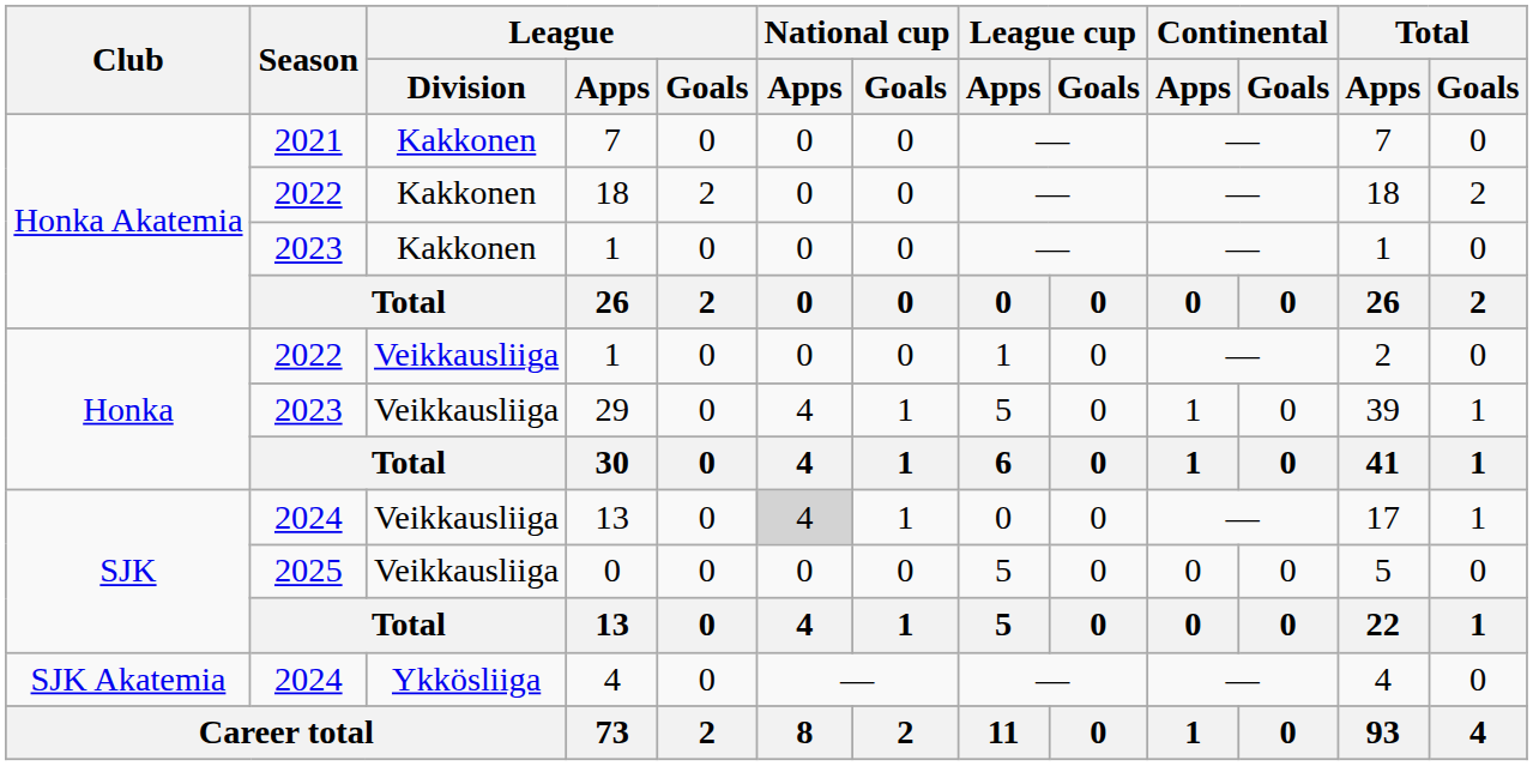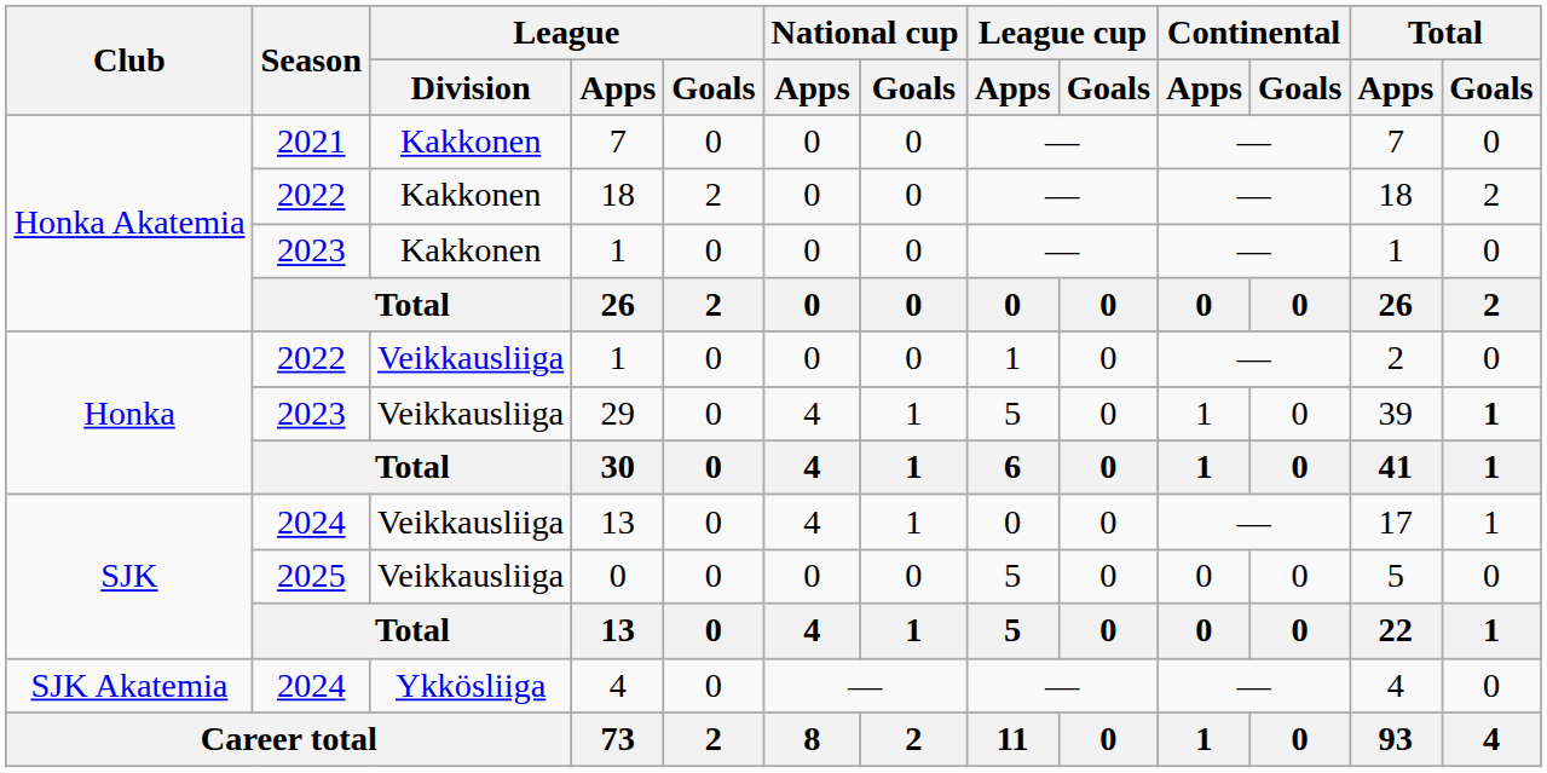 <table class="wikitable" style="text-align:center">
 <tr>
 <th rowspan="2">Club</th>
 <th rowspan="2">Season</th>
 <th colspan="3">League</th>
 <th colspan="2">National cup</th>
 <th colspan="2">League cup</th>
 <th colspan="2">Continental</th>
 <th colspan="2">Total</th>
 </tr>
 <tr>
 <th>Division</th>
 <th>Apps</th>
 <th>Goals</th>
 <th>Apps</th>
 <th>Goals</th>
 <th>Apps</th>
 <th>Goals</th>
 <th>Apps</th>
 <th>Goals</th>
 <th>Apps</th>
 <th>Goals</th>
 </tr>
 <tr>
 <td rowspan="4"><a href='#'>Honka Akatemia</a></td>
 <td><a href='#'>2021</a></td>
 <td><a href='#'>Kakkonen</a></td>
 <td>7</td>
 <td>0</td>
 <td>0</td>
 <td>0</td>
 <td colspan="2">—</td>
 <td colspan="2">—</td>
 <td>7</td>
 <td>0</td>
 </tr>
 <tr>
 <td><a href='#'>2022</a></td>
 <td>Kakkonen</td>
 <td>18</td>
 <td>2</td>
 <td>0</td>
 <td>0</td>
 <td colspan="2">—</td>
 <td colspan="2">—</td>
 <td>18</td>
 <td>2</td>
 </tr>
 <tr>
 <td><a href='#'>2023</a></td>
 <td>Kakkonen</td>
 <td>1</td>
 <td>0</td>
 <td>0</td>
 <td>0</td>
 <td colspan="2">—</td>
 <td colspan="2">—</td>
 <td>1</td>
 <td>0</td>
 </tr>
 <tr>
 <th colspan="2">Total</th>
 <th>26</th>
 <th>2</th>
 <th>0</th>
 <th>0</th>
 <th>0</th>
 <th>0</th>
 <th>0</th>
 <th>0</th>
 <th>26</th>
 <th>2</th>
 </tr>
 <tr>
 <td rowspan="3"><a href='#'>Honka</a></td>
 <td><a href='#'>2022</a></td>
 <td><a href='#'>Veikkausliiga</a></td>
 <td>1</td>
 <td>0</td>
 <td>0</td>
 <td>0</td>
 <td>1</td>
 <td>0</td>
 <td colspan="2">—</td>
 <td>2</td>
 <td>0</td>
 </tr>
 <tr>
 <td><a href='#'>2023</a></td>
 <td>Veikkausliiga</td>
 <td>29</td>
 <td>0</td>
 <td>4</td>
 <td>1</td>
 <td>5</td>
 <td>0</td>
 <td>1</td>
 <td>0</td>
 <td>39</td>
-<td>1</td>
+<td><strong>1</strong></td>
 </tr>
 <tr>
 <th colspan="2">Total</th>
 <th>30</th>
 <th>0</th>
 <th>4</th>
 <th>1</th>
 <th>6</th>
 <th>0</th>
 <th>1</th>
 <th>0</th>
 <th>41</th>
 <th>1</th>
 </tr>
 <tr>
 <td rowspan=3><a href='#'>SJK</a></td>
 <td><a href='#'>2024</a></td>
 <td>Veikkausliiga</td>
 <td>13</td>
 <td>0</td>
-<td style="background: lightgrey;">4</td>
+<td>4</td>
 <td>1</td>
 <td>0</td>
 <td>0</td>
 <td colspan="2">—</td>
 <td>17</td>
 <td>1</td>
 </tr>
 <tr>
 <td><a href='#'>2025</a></td>
 <td>Veikkausliiga</td>
 <td>0</td>
 <td>0</td>
 <td>0</td>
 <td>0</td>
 <td>5</td>
 <td>0</td>
 <td>0</td>
 <td>0</td>
 <td>5</td>
 <td>0</td>
 </tr>
 <tr>
 <th colspan=2>Total</th>
 <th>13</th>
 <th>0</th>
 <th>4</th>
 <th>1</th>
 <th>5</th>
 <th>0</th>
 <th>0</th>
 <th>0</th>
 <th>22</th>
 <th>1</th>
 </tr>
 <tr>
 <td><a href='#'>SJK Akatemia</a></td>
 <td><a href='#'>2024</a></td>
 <td><a href='#'>Ykkösliiga</a></td>
 <td>4</td>
 <td>0</td>
 <td colspan="2">—</td>
 <td colspan="2">—</td>
 <td colspan="2">—</td>
 <td>4</td>
 <td>0</td>
 </tr>
 <tr>
 <th colspan="3">Career total</th>
 <th>73</th>
 <th>2</th>
 <th>8</th>
 <th>2</th>
 <th>11</th>
 <th>0</th>
 <th>1</th>
 <th>0</th>
 <th>93</th>
 <th>4</th>
 </tr>
 </table>
